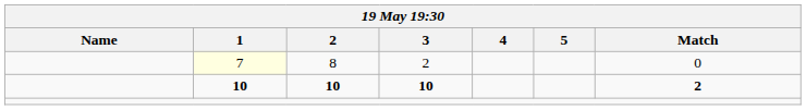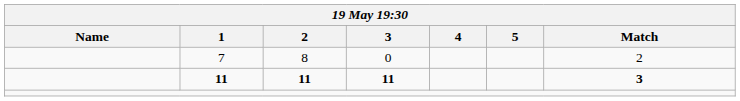 <table class=wikitable style="text-align:center; width: 55%">
 <tr>
 <th colspan=17><em>19 May 19:30</em></th>
 </tr>
 <tr>
 <th>Name</th>
 <th>1</th>
 <th>2</th>
 <th>3</th>
 <th>4</th>
 <th>5</th>
 <th>Match</th>
 </tr>
 <tr>
 <td style="text-align:left;"></td>
-<td style="background: lightyellow;">7</td>
+<td>7</td>
 <td>8</td>
-<td>2</td>
+<td>0</td>
 <td></td>
 <td></td>
-<td>0</td>
+<td>2</td>
 </tr>
 <tr>
 <td style="text-align:left;"><strong></strong></td>
-<td><strong>10</strong></td>
-<td><strong>10</strong></td>
-<td><strong>10</strong></td>
+<td><strong>11</strong></td>
+<td><strong>11</strong></td>
+<td><strong>11</strong></td>
 <td></td>
 <td></td>
-<td><strong>2</strong></td>
+<td><strong>3</strong></td>
 </tr>
 <tr>
 <td colspan=17></td>
 </tr>
 </table>
